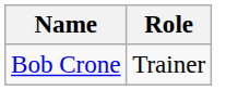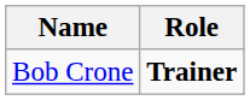 <table class="wikitable">
 <tr>
 <th>Name</th>
 <th>Role</th>
 </tr>
 <tr>
 <td> <a href='#'>Bob Crone</a></td>
-<td>Trainer</td>
+<td><strong>Trainer</strong></td>
 </tr>
 </table>
